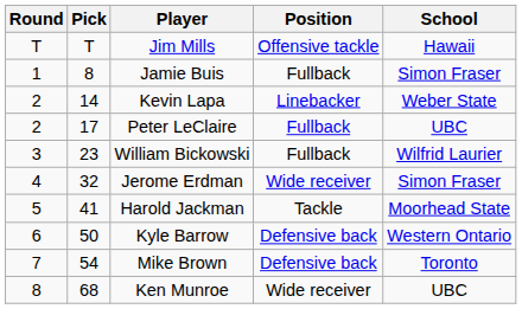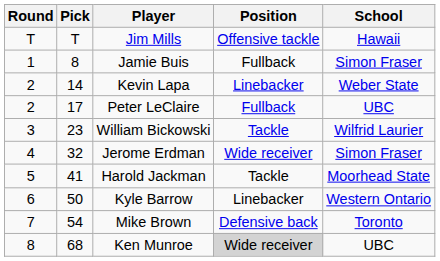 <table class="wikitable" style="font-size: 95%;">
 <tr>
 <th scope="col">Round</th>
 <th scope="col">Pick</th>
 <th scope="col">Player</th>
 <th scope="col">Position</th>
 <th scope="col">School</th>
 </tr>
 <tr align="center">
 <td align=center>T</td>
 <td>T</td>
 <td><a href='#'>Jim Mills</a></td>
 <td><a href='#'>Offensive tackle</a></td>
 <td><a href='#'>Hawaii</a></td>
 </tr>
 <tr align="center">
 <td align=center>1</td>
 <td>8</td>
 <td>Jamie Buis</td>
 <td>Fullback</td>
 <td><a href='#'>Simon Fraser</a></td>
 </tr>
 <tr align="center">
 <td align=center>2</td>
 <td>14</td>
 <td>Kevin Lapa</td>
 <td><a href='#'>Linebacker</a></td>
 <td><a href='#'>Weber State</a></td>
 </tr>
 <tr align="center">
 <td align=center>2</td>
 <td>17</td>
 <td>Peter LeClaire</td>
 <td><a href='#'>Fullback</a></td>
 <td><a href='#'>UBC</a></td>
 </tr>
 <tr align="center">
 <td align=center>3</td>
 <td>23</td>
 <td>William Bickowski</td>
-<td>Fullback</td>
+<td><a href='#'>Tackle</a></td>
 <td><a href='#'>Wilfrid Laurier</a></td>
 </tr>
 <tr align="center">
 <td align=center>4</td>
 <td>32</td>
 <td>Jerome Erdman</td>
 <td><a href='#'>Wide receiver</a></td>
 <td><a href='#'>Simon Fraser</a></td>
 </tr>
 <tr align="center">
 <td align=center>5</td>
 <td>41</td>
 <td>Harold Jackman</td>
 <td>Tackle</td>
 <td><a href='#'>Moorhead State</a></td>
 </tr>
 <tr align="center">
 <td align=center>6</td>
 <td>50</td>
 <td>Kyle Barrow</td>
-<td><a href='#'>Defensive back</a></td>
+<td>Linebacker</td>
 <td><a href='#'>Western Ontario</a></td>
 </tr>
 <tr align="center">
 <td align=center>7</td>
 <td>54</td>
 <td>Mike Brown</td>
 <td><a href='#'>Defensive back</a></td>
 <td><a href='#'>Toronto</a></td>
 </tr>
 <tr align="center">
 <td align=center>8</td>
 <td>68</td>
 <td>Ken Munroe</td>
-<td>Wide receiver</td>
+<td style="background: lightgrey;">Wide receiver</td>
 <td>UBC</td>
 </tr>
 </table>
